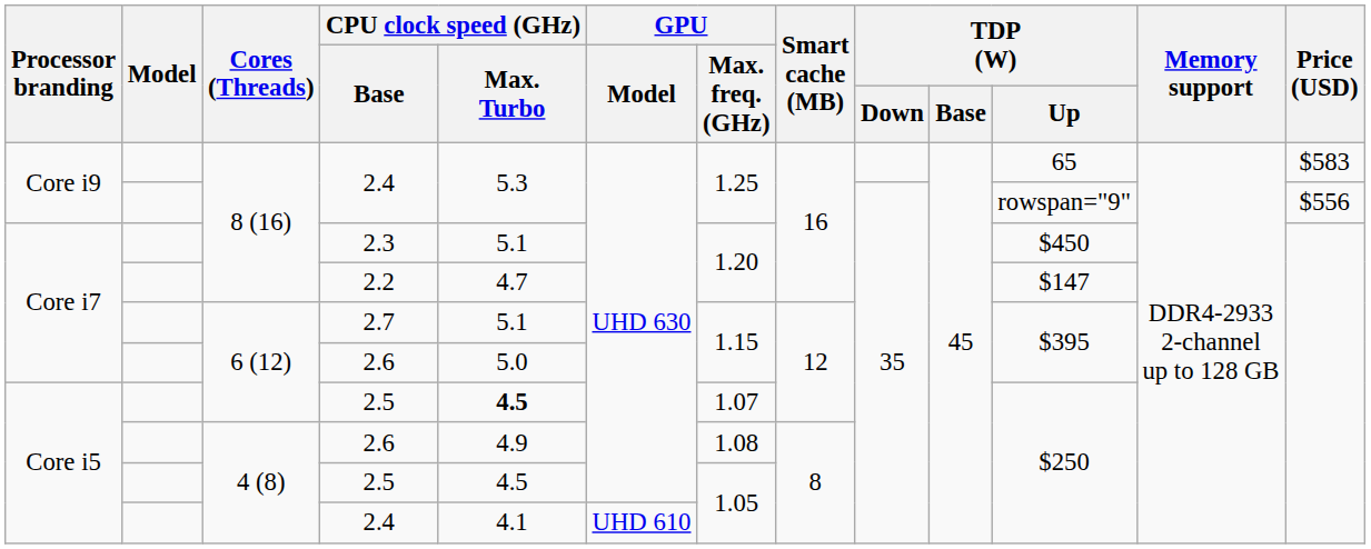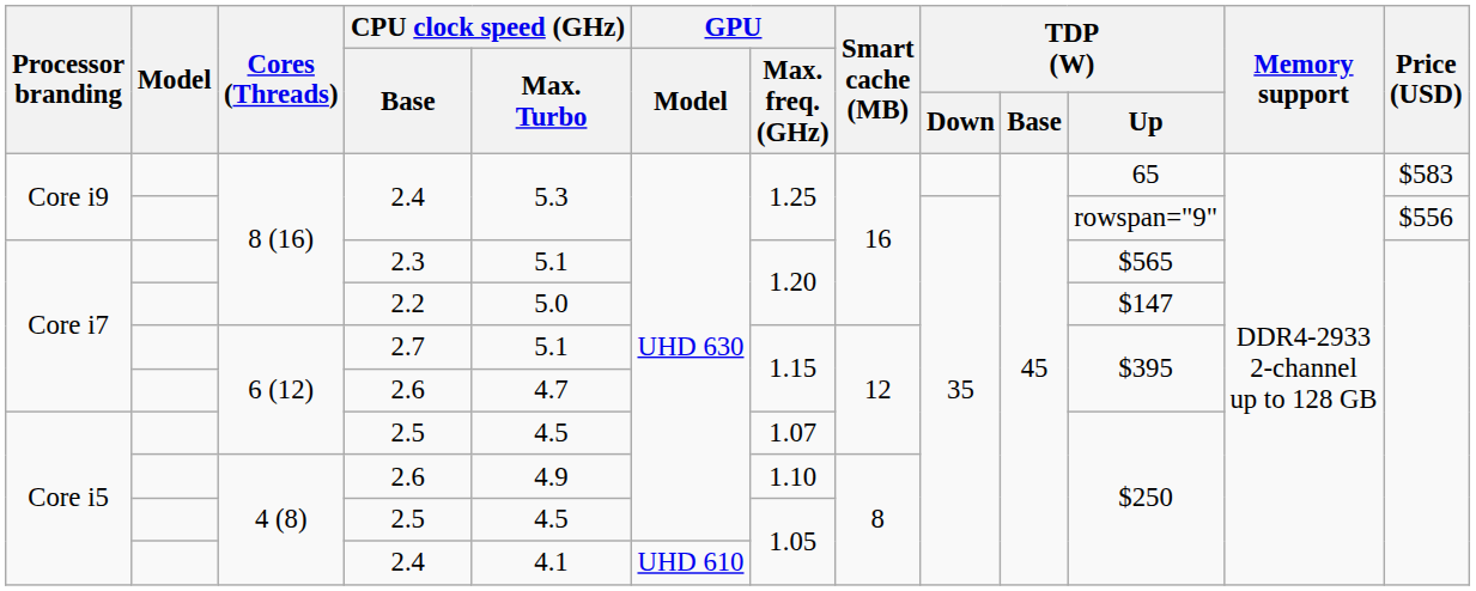 <table class="wikitable sortable" style="text-align: center;">
 <tr>
 <th rowspan="3">Processor<br>branding</th>
 <th rowspan="3">Model</th>
 <th rowspan="3"><a href='#'>Cores</a><br>(<a href='#'>Threads</a>)</th>
 <th colspan="2">CPU <a href='#'>clock speed</a> (GHz)</th>
 <th colspan="2"><a href='#'>GPU</a></th>
 <th rowspan="3">Smart<br>cache<br>(MB)</th>
 <th colspan="3" rowspan="2">TDP<br>(W)</th>
 <th rowspan="3"><a href='#'>Memory</a><br>support</th>
 <th rowspan="3">Price<br>(USD)</th>
 </tr>
 <tr>
 <th rowspan="2">Base</th>
 <th rowspan="2">Max.<br><a href='#'>Turbo</a></th>
 <th rowspan="2">Model</th>
 <th rowspan="2">Max.<br>freq.<br>(GHz)</th>
 </tr>
 <tr>
 <th>Down</th>
 <th>Base</th>
 <th>Up</th>
 </tr>
 <tr>
 <td rowspan="2">Core i9</td>
 <td></td>
 <td rowspan="4">8 (16)</td>
 <td rowspan="2">2.4</td>
 <td rowspan="2">5.3</td>
 <td rowspan="9"><a href='#'>UHD 630</a></td>
 <td rowspan="2">1.25</td>
 <td rowspan="4">16</td>
 <td></td>
 <td rowspan="10">45</td>
 <td>65</td>
 <td rowspan="10">DDR4-2933<br>2-channel<br>up to 128 GB</td>
 <td>$583</td>
 </tr>
 <tr>
 <td></td>
 <td rowspan="9">35</td>
 <td>rowspan="9" </td>
 <td>$556</td>
 </tr>
 <tr>
 <td rowspan="4">Core i7</td>
 <td></td>
 <td>2.3</td>
 <td>5.1</td>
 <td rowspan="2">1.20</td>
-<td>$450</td>
+<td>$565</td>
 </tr>
 <tr>
 <td></td>
 <td>2.2</td>
-<td>4.7</td>
+<td>5.0</td>
 <td>$147</td>
 </tr>
 <tr>
 <td></td>
 <td rowspan="3">6 (12)</td>
 <td>2.7</td>
 <td>5.1</td>
 <td rowspan="2">1.15</td>
 <td rowspan="3">12</td>
 <td rowspan="2">$395</td>
 </tr>
 <tr>
 <td></td>
 <td>2.6</td>
-<td>5.0</td>
+<td>4.7</td>
 </tr>
 <tr>
 <td rowspan="4">Core i5</td>
 <td></td>
 <td>2.5</td>
-<td><strong>4.5</strong></td>
+<td>4.5</td>
 <td>1.07</td>
 <td rowspan="4">$250</td>
 </tr>
 <tr>
 <td></td>
 <td rowspan="3">4 (8)</td>
 <td>2.6</td>
 <td>4.9</td>
-<td>1.08</td>
+<td>1.10</td>
 <td rowspan="3">8</td>
 </tr>
 <tr>
 <td></td>
 <td>2.5</td>
 <td>4.5</td>
 <td rowspan="2">1.05</td>
 </tr>
 <tr>
 <td></td>
 <td>2.4</td>
 <td>4.1</td>
 <td rowspan="1"><a href='#'>UHD 610</a></td>
 </tr>
 </table>
